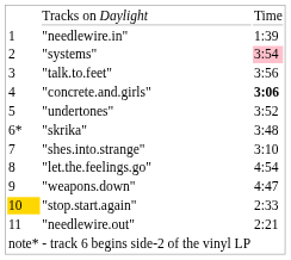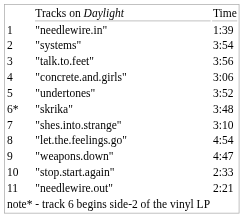 <table style="border:1px solid darkgrey;">
 <tr>
 <td></td>
 <td style="border-bottom:1px solid darkgrey;">Tracks on <em>Daylight</em></td>
 <td style="border-bottom:1px solid darkgrey;">Time</td>
 </tr>
 <tr>
 <td>1</td>
 <td>"needlewire.in"</td>
 <td>1:39</td>
 </tr>
 <tr>
 <td>2</td>
 <td>"systems"</td>
-<td style="background: pink;">3:54</td>
+<td>3:54</td>
 </tr>
 <tr>
 <td>3</td>
 <td>"talk.to.feet"</td>
 <td>3:56</td>
 </tr>
 <tr>
 <td>4</td>
 <td>"concrete.and.girls"</td>
-<td><strong>3:06</strong></td>
+<td>3:06</td>
 </tr>
 <tr>
 <td>5</td>
 <td>"undertones"</td>
 <td>3:52</td>
 </tr>
 <tr>
 <td>6*</td>
 <td>"skrika"</td>
 <td>3:48</td>
 </tr>
 <tr>
 <td>7</td>
 <td>"shes.into.strange"</td>
 <td>3:10</td>
 </tr>
 <tr>
 <td>8</td>
 <td>"let.the.feelings.go"</td>
 <td>4:54</td>
 </tr>
 <tr>
 <td>9</td>
 <td>"weapons.down"</td>
 <td>4:47</td>
 </tr>
 <tr>
-<td style="background: gold;">10</td>
+<td>10</td>
 <td>"stop.start.again"</td>
 <td>2:33</td>
 </tr>
 <tr>
 <td>11</td>
 <td>"needlewire.out"</td>
 <td>2:21</td>
 </tr>
 <tr>
 <td>note*</td>
 <td>- track 6 begins side-2 of the vinyl LP</td>
 <td></td>
 </tr>
 </table>
